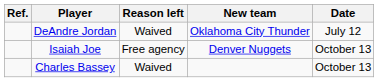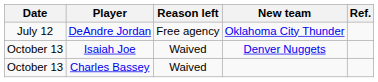 <table class="wikitable sortable sortable" style="text-align: center">
 <tr>
-<th>Ref.</th>
+<th>Date</th>
 <th>Player</th>
 <th>Reason left</th>
 <th>New team</th>
-<th>Date</th>
+<th>Ref.</th>
 </tr>
 <tr>
+<td>July 12</td>
+<td><a href='#'>DeAndre Jordan</a></td>
+<td>Free agency</td>
+<td><a href='#'>Oklahoma City Thunder</a></td>
 <td></td>
-<td><a href='#'>DeAndre Jordan</a></td>
-<td>Waived</td>
-<td><a href='#'>Oklahoma City Thunder</a></td>
-<td>July 12</td>
 </tr>
 <tr>
+<td>October 13</td>
+<td><a href='#'>Isaiah Joe</a></td>
+<td>Waived</td>
+<td><a href='#'>Denver Nuggets</a></td>
 <td></td>
-<td><a href='#'>Isaiah Joe</a></td>
-<td>Free agency</td>
-<td><a href='#'>Denver Nuggets</a></td>
-<td>October 13</td>
 </tr>
 <tr>
-<td></td>
+<td>October 13</td>
 <td><a href='#'>Charles Bassey</a></td>
 <td>Waived</td>
 <td></td>
-<td>October 13</td>
+<td></td>
 </tr>
 </table>
